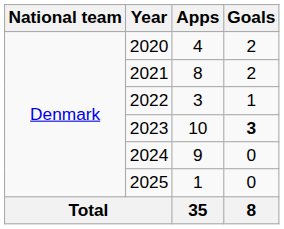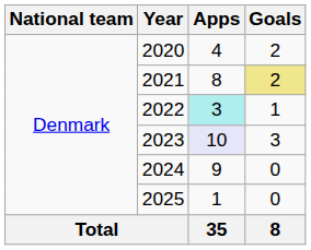 <table class="wikitable" style="text-align:center">
 <tr>
 <th>National team</th>
 <th>Year</th>
 <th>Apps</th>
 <th>Goals</th>
 </tr>
 <tr>
 <td rowspan="6"><a href='#'>Denmark</a></td>
 <td>2020</td>
 <td>4</td>
 <td>2</td>
 </tr>
 <tr>
 <td>2021</td>
 <td>8</td>
-<td>2</td>
+<td style="background: khaki;">2</td>
 </tr>
 <tr>
 <td>2022</td>
-<td>3</td>
+<td style="background: paleturquoise;">3</td>
 <td>1</td>
 </tr>
 <tr>
 <td>2023</td>
-<td>10</td>
-<td><strong>3</strong></td>
+<td style="background: lavender;">10</td>
+<td>3</td>
 </tr>
 <tr>
 <td>2024</td>
 <td>9</td>
 <td>0</td>
 </tr>
 <tr>
 <td>2025</td>
 <td>1</td>
 <td>0</td>
 </tr>
 <tr>
 <th colspan="2">Total</th>
 <th>35</th>
 <th>8</th>
 </tr>
 </table>
